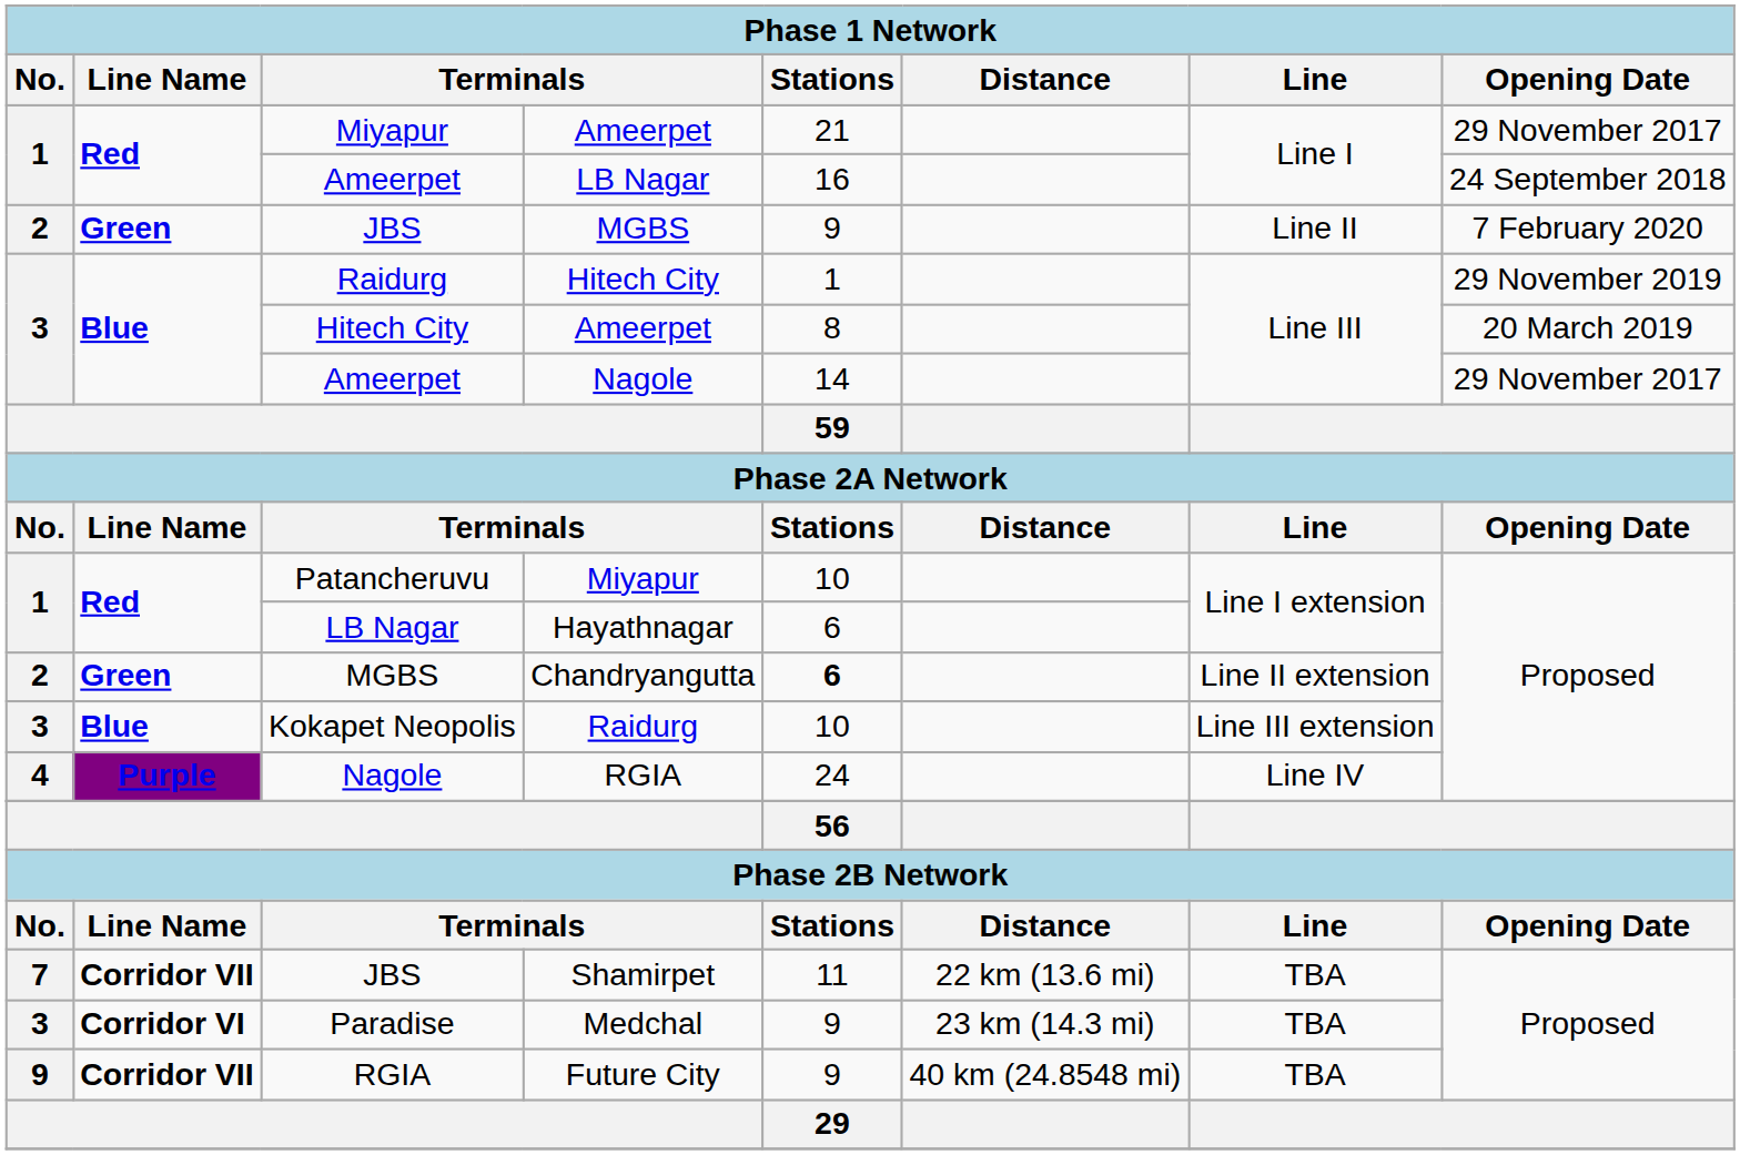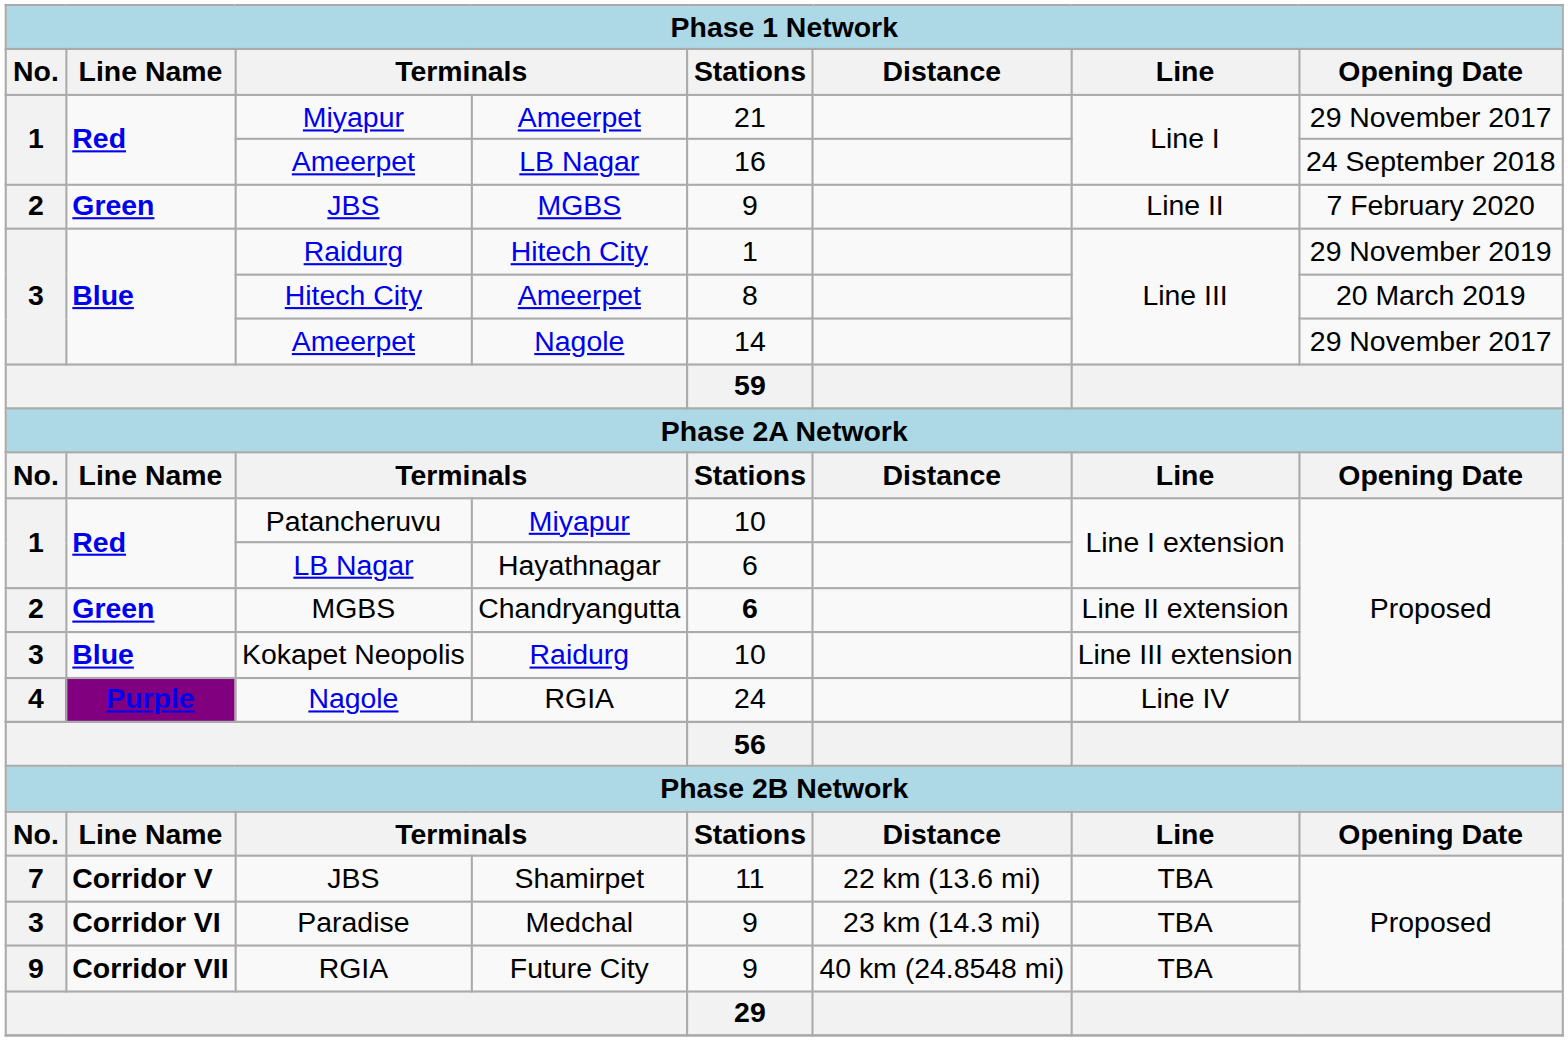 <table class="wikitable sortable" style="font-size:85%;margin:auto">
 <tr>
 <th colspan="8" style="background:#ADD8E6;">Phase 1 Network</th>
 </tr>
 <tr>
 <th>No.</th>
 <th>Line Name</th>
 <th colspan="2">Terminals</th>
 <th>Stations</th>
 <th>Distance</th>
 <th>Line</th>
 <th>Opening Date</th>
 </tr>
 <tr>
 <th rowspan="2">1</th>
 <td rowspan="2" style="background:#"><a href='#'><span><strong>Red</strong></span></a></td>
 <td style="text-align:center;"><a href='#'>Miyapur</a></td>
 <td style="text-align:center;"><a href='#'>Ameerpet</a></td>
 <td style="text-align:center;">21</td>
 <td style="text-align:center;"></td>
 <td style="text-align:center;" rowspan="2">Line I</td>
 <td style="text-align:center;">29 November 2017</td>
 </tr>
 <tr>
 <td style="text-align:center;"><a href='#'>Ameerpet</a></td>
 <td style="text-align:center;"><a href='#'>LB Nagar</a></td>
 <td style="text-align:center;">16</td>
 <td style="text-align:center;"></td>
 <td style="text-align:center;">24 September 2018</td>
 </tr>
 <tr>
 <th>2</th>
 <td style="background:#"><a href='#'><span><strong>Green</strong></span></a></td>
 <td style="text-align:center;"><a href='#'>JBS</a></td>
 <td style="text-align:center;"><a href='#'>MGBS</a></td>
 <td style="text-align:center;">9</td>
 <td style="text-align:center;"></td>
 <td style="text-align:center;">Line II</td>
 <td style="text-align:center;">7 February 2020</td>
 </tr>
 <tr>
 <th rowspan="3">3</th>
 <td rowspan="3" style="background:#"><a href='#'><span><strong>Blue</strong></span></a></td>
 <td style="text-align:center;"><a href='#'>Raidurg</a></td>
 <td style="text-align:center;"><a href='#'>Hitech City</a></td>
 <td style="text-align:center;">1</td>
 <td style="text-align:center;"></td>
 <td style="text-align:center;" rowspan="3">Line III</td>
 <td style="text-align:center;">29 November 2019</td>
 </tr>
 <tr>
 <td style="text-align:center;"><a href='#'>Hitech City</a></td>
 <td style="text-align:center;"><a href='#'>Ameerpet</a></td>
 <td style="text-align:center;">8</td>
 <td style="text-align:center;"></td>
 <td style="text-align:center;">20 March 2019</td>
 </tr>
 <tr>
 <td style="text-align:center;"><a href='#'>Ameerpet</a></td>
 <td style="text-align:center;"><a href='#'>Nagole</a></td>
 <td style="text-align:center;">14</td>
 <td style="text-align:center;"></td>
 <td style="text-align:center;">29 November 2017</td>
 </tr>
 <tr>
 <th colspan="4"></th>
 <th>59</th>
 <th></th>
 <th colspan="2"></th>
 </tr>
 <tr>
 <th colspan="8" style="background:#ADD8E6;">Phase 2A Network</th>
 </tr>
 <tr>
 <th>No.</th>
 <th>Line Name</th>
 <th colspan="2">Terminals</th>
 <th>Stations</th>
 <th>Distance</th>
 <th>Line</th>
 <th>Opening Date</th>
 </tr>
 <tr>
 <th rowspan="2">1</th>
 <td rowspan="2" style="background:#"><a href='#'><span><strong>Red</strong></span></a></td>
 <td style="text-align:center;">Patancheruvu</td>
 <td style="text-align:center;"><a href='#'>Miyapur</a></td>
 <td style="text-align:center;">10</td>
 <td style="text-align:center;"></td>
 <td style="text-align:center;" rowspan="2">Line I extension</td>
 <td style="text-align:center;" rowspan="5">Proposed</td>
 </tr>
 <tr>
 <td style="text-align:center;"><a href='#'>LB Nagar</a></td>
 <td style="text-align:center;">Hayathnagar</td>
 <td style="text-align:center;">6</td>
 <td style="text-align:center;"></td>
 </tr>
 <tr>
 <th>2</th>
 <td rowspan="1" style="background:#"><a href='#'><span><strong>Green</strong></span></a></td>
 <td style="text-align:center;">MGBS</td>
 <td style="text-align:center;">Chandryangutta</td>
 <td style="text-align:center;"><strong>6</strong></td>
 <td style="text-align:center;"></td>
 <td style="text-align:center;">Line II extension</td>
 </tr>
 <tr>
 <th>3</th>
 <td style="background:#"><a href='#'><span><strong>Blue</strong></span></a></td>
 <td style="text-align:center;">Kokapet Neopolis</td>
 <td style="text-align:center;"><a href='#'>Raidurg</a></td>
 <td style="text-align:center;">10</td>
 <td style="text-align:center;"></td>
 <td style="text-align:center;">Line III extension</td>
 </tr>
 <tr>
 <th>4</th>
 <td align="center" style="background:#800080;"><span><a href='#'><span><strong>Purple</strong></span></a></span></td>
 <td style="text-align:center;"><a href='#'>Nagole</a></td>
 <td style="text-align:center;">RGIA</td>
 <td style="text-align:center;">24</td>
 <td style="text-align:center;"></td>
 <td style="text-align:center;">Line IV</td>
 </tr>
 <tr>
 </tr>
 <tr>
 <th colspan="4"></th>
 <th>56</th>
 <th></th>
 <th colspan="2"></th>
 </tr>
 <tr>
 <th colspan="8" style="background:#ADD8E6;">Phase 2B Network</th>
 </tr>
 <tr>
 <th>No.</th>
 <th>Line Name</th>
 <th colspan="2">Terminals</th>
 <th>Stations</th>
 <th>Distance</th>
 <th>Line</th>
 <th>Opening Date</th>
 </tr>
 <tr>
 <th>7</th>
-<td><strong>Corridor VII</strong></td>
+<td><strong>Corridor V</strong></td>
 <td style="text-align:center;">JBS</td>
 <td style="text-align:center;">Shamirpet</td>
 <td style="text-align:center;">11</td>
 <td style="text-align:center;">22 km (13.6 mi)</td>
 <td style="text-align:center;">TBA</td>
 <td rowspan="3" style="text-align:center;">Proposed</td>
 </tr>
 <tr>
 <th>3</th>
 <td><strong>Corridor VI</strong></td>
 <td style="text-align:center;">Paradise</td>
 <td style="text-align:center;">Medchal</td>
 <td style="text-align:center;">9</td>
 <td style="text-align:center;">23 km (14.3 mi)</td>
 <td style="text-align:center;">TBA</td>
 </tr>
 <tr>
 <th>9</th>
 <td><strong>Corridor VII</strong></td>
 <td style="text-align:center;">RGIA</td>
 <td style="text-align:center;">Future City</td>
 <td style="text-align:center;">9</td>
 <td style="text-align:center;">40 km (24.8548 mi)</td>
 <td style="text-align:center;">TBA</td>
 </tr>
 <tr>
 <th colspan="4"></th>
 <th>29</th>
 <th></th>
 <th colspan="2"></th>
 </tr>
 <tr>
 </tr>
 </table>
